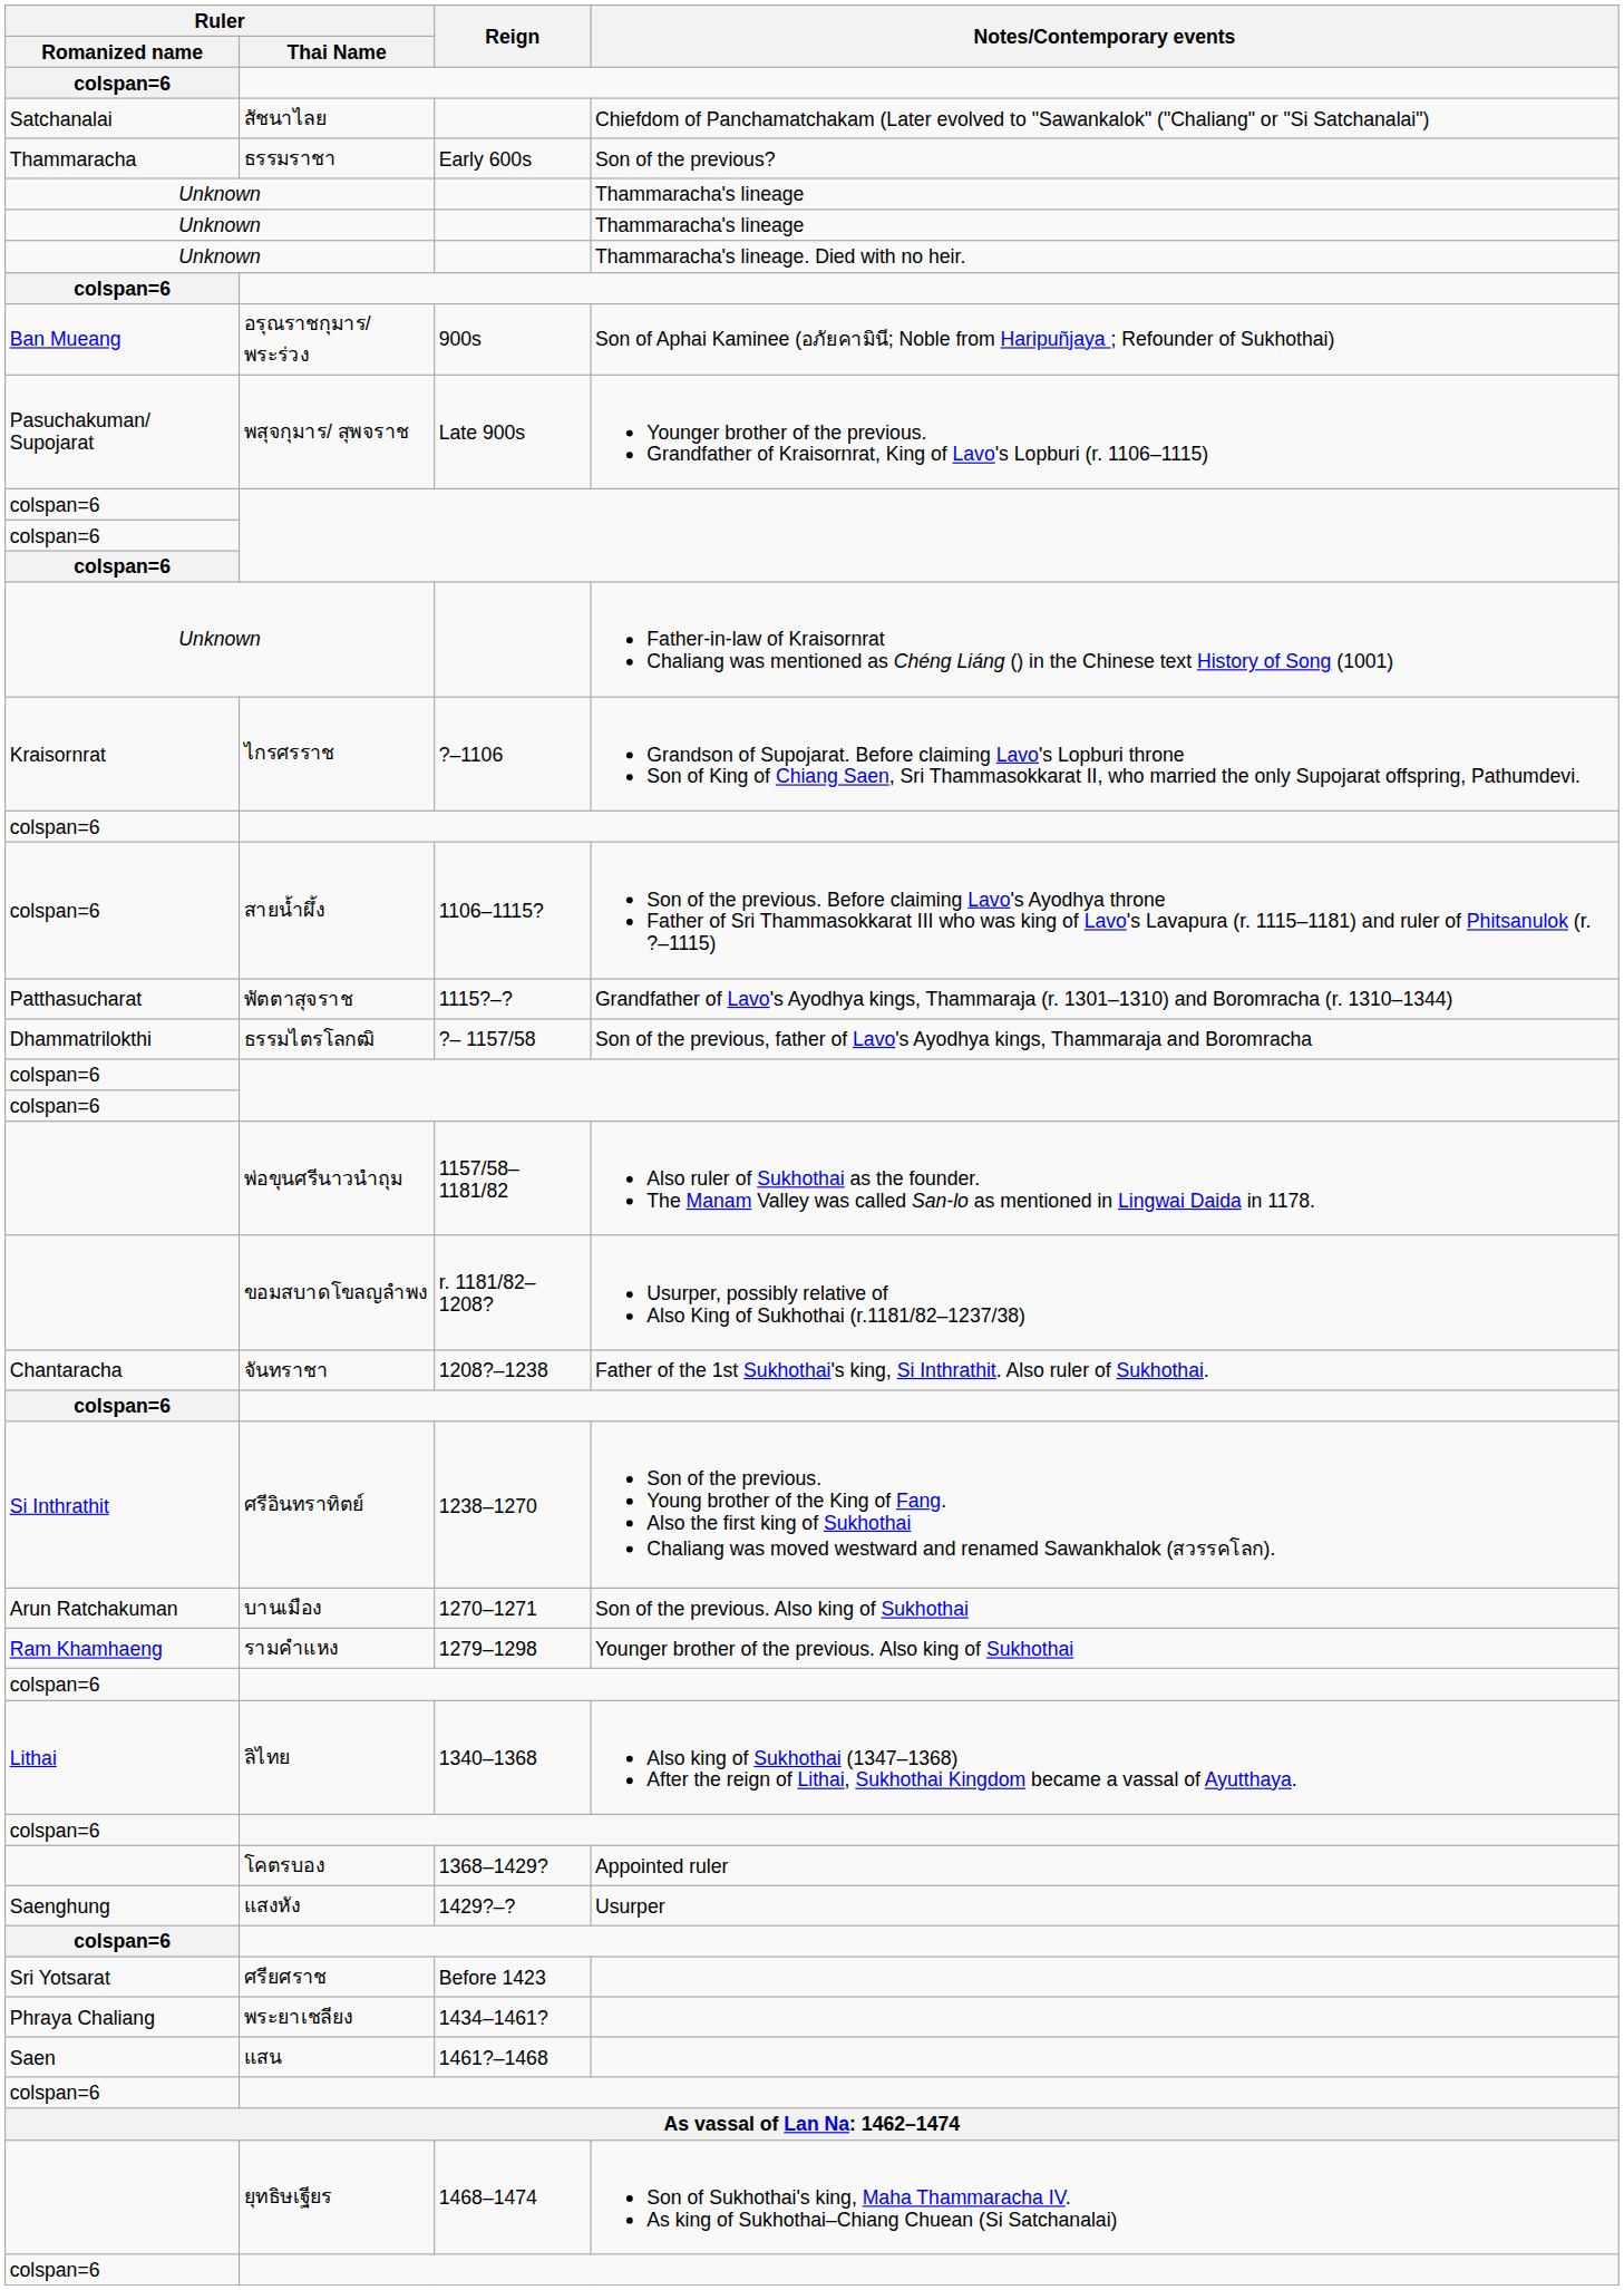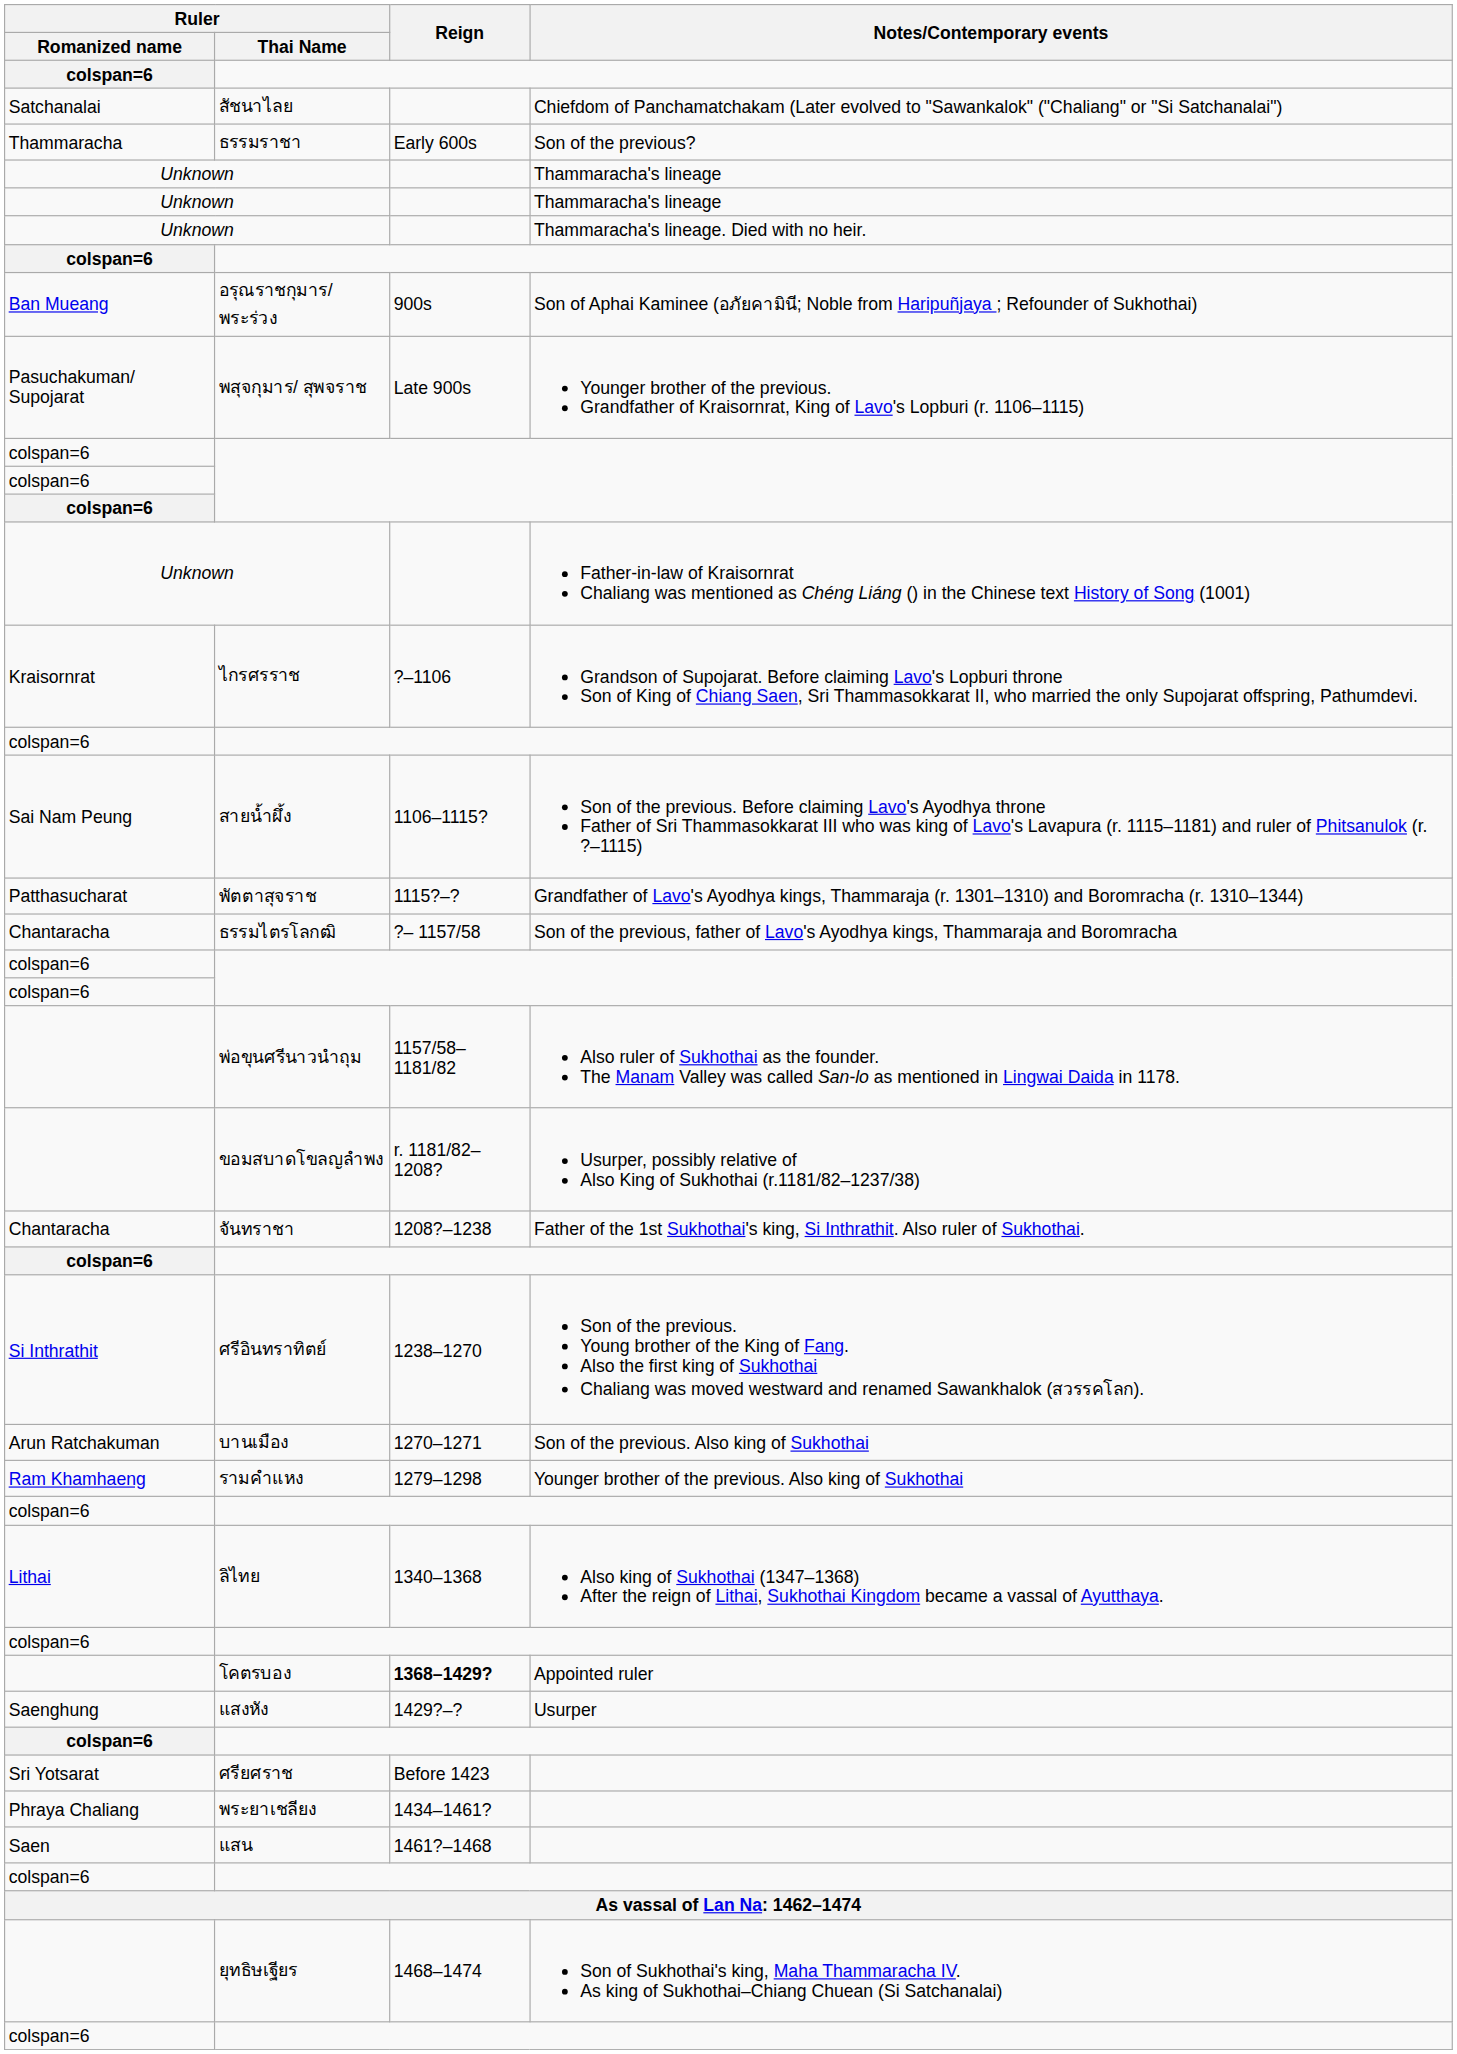 <table class="wikitable" style="font-size:95%;">
 <tr>
 <th colspan=2>Ruler</th>
 <th rowspan=2>Reign</th>
 <th rowspan=2>Notes/Contemporary events</th>
 </tr>
 <tr>
 <th>Romanized name</th>
 <th>Thai Name</th>
 </tr>
 <tr>
 <th>colspan=6 </th>
 </tr>
 <tr>
 <td>Satchanalai</td>
 <td>สัชนาไลย</td>
 <td></td>
 <td>Chiefdom of Panchamatchakam (Later evolved to "Sawankalok" ("Chaliang" or "Si Satchanalai")</td>
 </tr>
 <tr>
 <td>Thammaracha</td>
 <td>ธรรมราชา</td>
 <td>Early 600s</td>
 <td>Son of the previous?</td>
 </tr>
 <tr>
 <td colspan=2 align=center><em>Unknown</em></td>
 <td></td>
 <td>Thammaracha's lineage</td>
 </tr>
 <tr>
 <td colspan=2 align=center><em>Unknown</em></td>
 <td></td>
 <td>Thammaracha's lineage</td>
 </tr>
 <tr>
 <td colspan=2 align=center><em>Unknown</em></td>
 <td></td>
 <td>Thammaracha's lineage. Died with no heir.</td>
 </tr>
 <tr>
 <th>colspan=6 </th>
 </tr>
 <tr>
 <td><a href='#'>Ban Mueang</a></td>
 <td>อรุณราชกุมาร/พระร่วง</td>
 <td>900s</td>
 <td>Son of Aphai Kaminee (อภัยคามินี; Noble from <a href='#'>Haripuñjaya </a>; Refounder of Sukhothai)</td>
 </tr>
 <tr>
 <td>Pasuchakuman/ Supojarat</td>
 <td>พสุจกุมาร/ สุพจราช</td>
 <td>Late 900s</td>
 <td><br><ul><li>Younger brother of the previous.</li><li>Grandfather of Kraisornrat, King of <a href='#'>Lavo</a>'s Lopburi (r. 1106–1115)</li></ul></td>
 </tr>
 <tr>
 <td>colspan=6 </td>
 </tr>
 <tr>
 <td>colspan=6 </td>
 </tr>
 <tr>
 <th>colspan=6 </th>
 </tr>
 <tr>
 <td colspan=2 align=center><em>Unknown</em></td>
 <td></td>
 <td><br><ul><li>Father-in-law of Kraisornrat</li><li>Chaliang was mentioned as <em>Chéng Liáng</em> () in the Chinese text <a href='#'>History of Song</a> (1001)</li></ul></td>
 </tr>
 <tr>
 <td>Kraisornrat</td>
 <td>ไกรศรราช</td>
 <td>?–1106</td>
 <td><br><ul><li>Grandson of Supojarat. Before claiming <a href='#'>Lavo</a>'s Lopburi throne</li><li>Son of King of <a href='#'>Chiang Saen</a>, Sri Thammasokkarat II, who married the only Supojarat offspring, Pathumdevi.</li></ul></td>
 </tr>
 <tr>
 <td>colspan=6 </td>
 </tr>
 <tr>
-<td>colspan=6 </td>
+<td>Sai Nam Peung</td>
 <td>สายน้ำผึ้ง</td>
 <td>1106–1115?</td>
 <td><br><ul><li>Son of the previous. Before claiming <a href='#'>Lavo</a>'s Ayodhya throne</li><li>Father of Sri Thammasokkarat III who was king of <a href='#'>Lavo</a>'s Lavapura (r. 1115–1181) and ruler of <a href='#'>Phitsanulok</a> (r. ?–1115)</li></ul></td>
 </tr>
 <tr>
 <td>Patthasucharat</td>
 <td>พัตตาสุจราช</td>
 <td>1115?–?</td>
 <td>Grandfather of <a href='#'>Lavo</a>'s Ayodhya kings, Thammaraja (r. 1301–1310) and Boromracha (r. 1310–1344)</td>
 </tr>
 <tr>
-<td>Dhammatrilokthi</td>
+<td>Chantaracha</td>
 <td>ธรรมไตรโลกฒิ</td>
 <td>?– 1157/58</td>
 <td>Son of the previous, father of <a href='#'>Lavo</a>'s Ayodhya kings, Thammaraja and Boromracha</td>
 </tr>
 <tr>
 <td>colspan=6 </td>
 </tr>
 <tr>
 <td>colspan=6 </td>
 </tr>
 <tr>
 <td></td>
 <td>พ่อขุนศรีนาวนำถุม</td>
 <td>1157/58–1181/82</td>
 <td><br><ul><li>Also ruler of <a href='#'>Sukhothai</a> as the founder.</li><li>The <a href='#'>Manam</a> Valley was called <em>San-lo </em> as mentioned in <a href='#'>Lingwai Daida</a> in 1178.</li></ul></td>
 </tr>
 <tr>
 <td></td>
 <td>ขอมสบาดโขลญลำพง</td>
 <td>r. 1181/82–1208?</td>
 <td><br><ul><li>Usurper, possibly relative of </li><li>Also King of Sukhothai (r.1181/82–1237/38)</li></ul></td>
 </tr>
 <tr>
 <td>Chantaracha</td>
 <td>จันทราชา</td>
 <td>1208?–1238</td>
 <td>Father of the 1st <a href='#'>Sukhothai</a>'s king, <a href='#'>Si Inthrathit</a>. Also ruler of <a href='#'>Sukhothai</a>.</td>
 </tr>
 <tr>
 <th>colspan=6 </th>
 </tr>
 <tr>
 <td><a href='#'>Si Inthrathit</a></td>
 <td>ศรีอินทราทิตย์</td>
 <td>1238–1270</td>
 <td><br><ul><li>Son of the previous.</li><li>Young brother of the King of <a href='#'>Fang</a>.</li><li>Also the first king of <a href='#'>Sukhothai</a></li><li>Chaliang was moved westward and renamed Sawankhalok (สวรรคโลก).</li></ul></td>
 </tr>
 <tr>
 <td>Arun Ratchakuman</td>
 <td>บานเมือง</td>
 <td>1270–1271</td>
 <td>Son of the previous. Also king of <a href='#'>Sukhothai</a></td>
 </tr>
 <tr>
 <td><a href='#'>Ram Khamhaeng</a></td>
 <td>รามคำแหง</td>
 <td>1279–1298</td>
 <td>Younger brother of the previous. Also king of <a href='#'>Sukhothai</a></td>
 </tr>
 <tr>
 <td>colspan=6 </td>
 </tr>
 <tr>
 <td><a href='#'>Lithai</a></td>
 <td>ลิไทย</td>
 <td>1340–1368</td>
 <td><br><ul><li>Also king of <a href='#'>Sukhothai</a> (1347–1368)</li><li>After the reign of <a href='#'>Lithai</a>, <a href='#'>Sukhothai Kingdom</a> became a vassal of <a href='#'>Ayutthaya</a>.</li></ul></td>
 </tr>
 <tr>
 <td>colspan=6 </td>
 </tr>
 <tr>
 <td></td>
 <td>โคตรบอง</td>
-<td>1368–1429?</td>
+<td><strong>1368–1429?</strong></td>
 <td>Appointed ruler</td>
 </tr>
 <tr>
 <td>Saenghung</td>
 <td>แสงหัง</td>
 <td>1429?–?</td>
 <td>Usurper</td>
 </tr>
 <tr>
 <th>colspan=6 </th>
 </tr>
 <tr>
 <td>Sri Yotsarat</td>
 <td>ศรียศราช</td>
 <td>Before 1423</td>
 <td></td>
 </tr>
 <tr>
 <td>Phraya Chaliang</td>
 <td>พระยาเชลียง</td>
 <td>1434–1461?</td>
 <td></td>
 </tr>
 <tr>
 <td>Saen</td>
 <td>แสน</td>
 <td>1461?–1468</td>
 <td></td>
 </tr>
 <tr>
 <td>colspan=6 </td>
 </tr>
 <tr>
 <th colspan=6 {{n/a>As vassal of <a href='#'>Lan Na</a>: 1462–1474</th>
 </tr>
 <tr>
 <td></td>
 <td>ยุทธิษเฐียร</td>
 <td>1468–1474</td>
 <td><br><ul><li>Son of Sukhothai's king, <a href='#'>Maha Thammaracha IV</a>.</li><li>As king of Sukhothai–Chiang Chuean (Si Satchanalai)</li></ul></td>
 </tr>
 <tr>
 <td>colspan=6 </td>
 </tr>
 </table>
